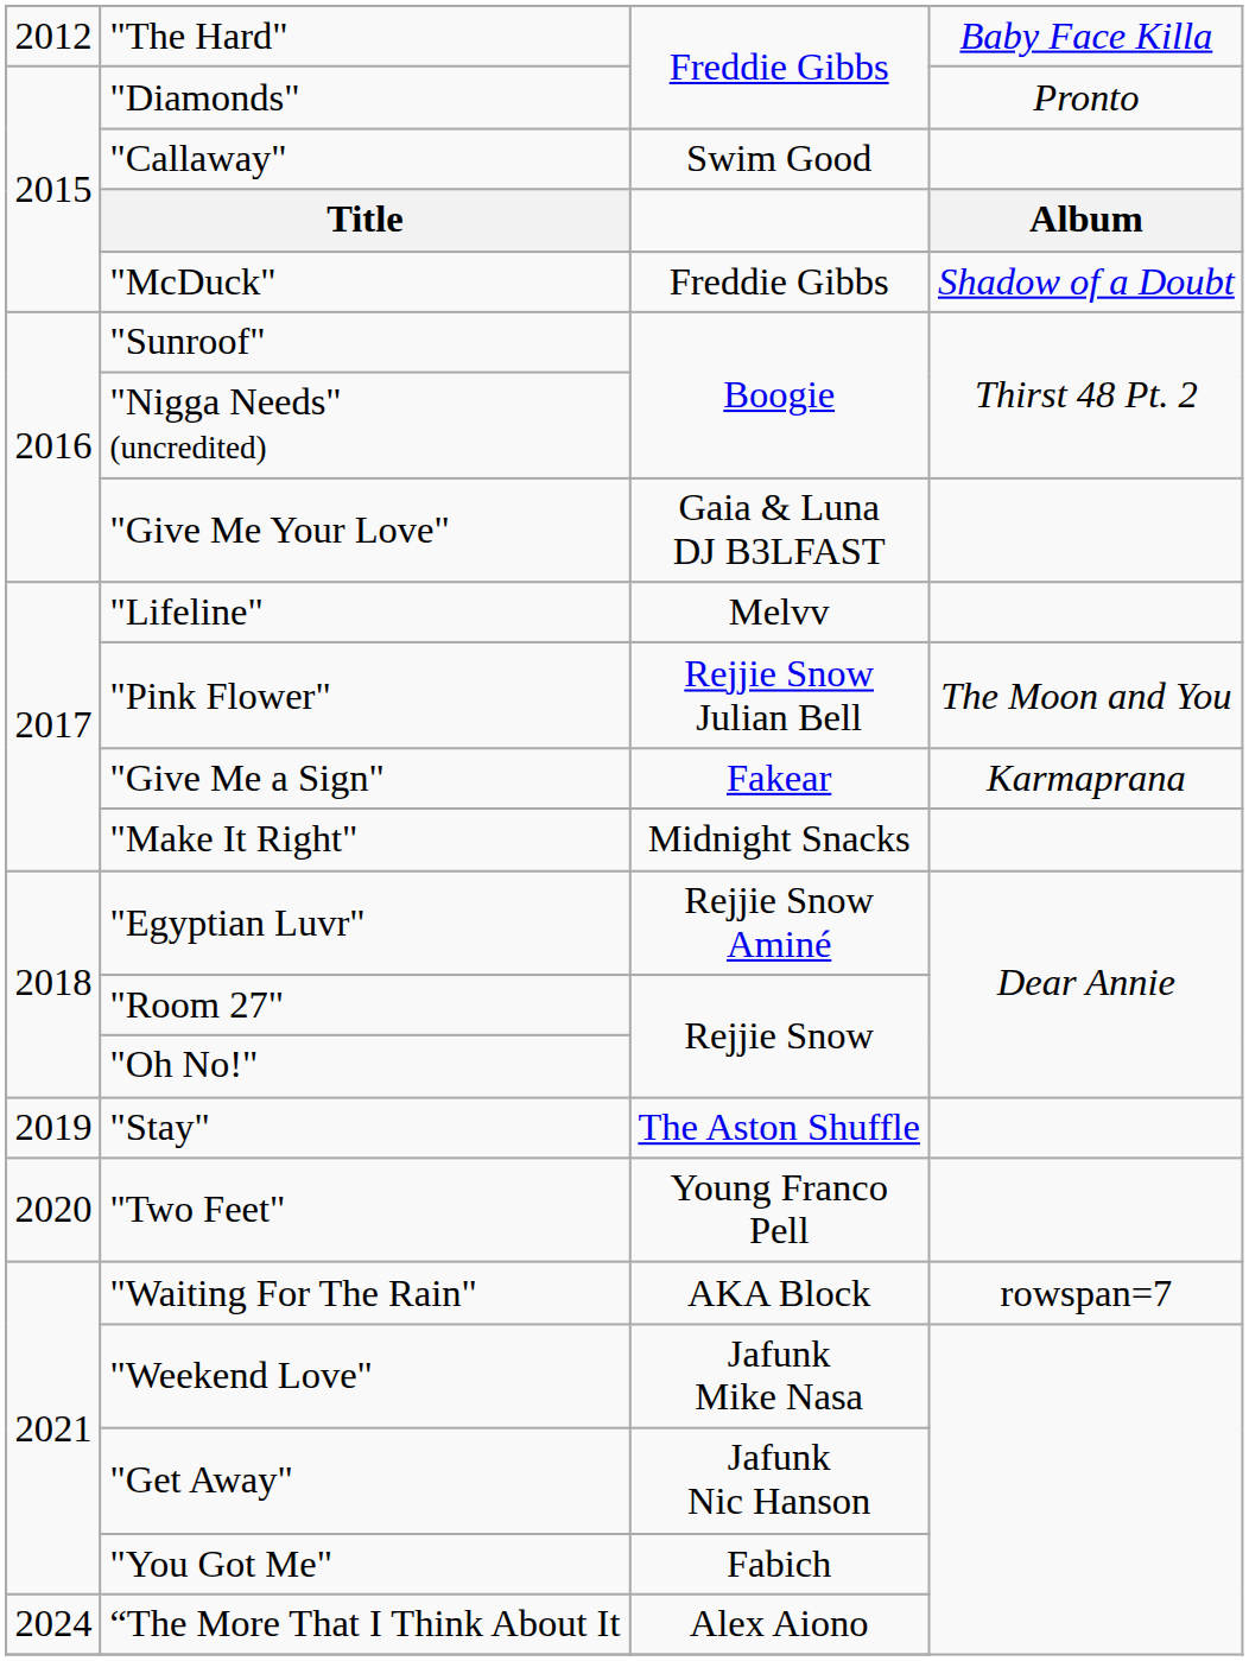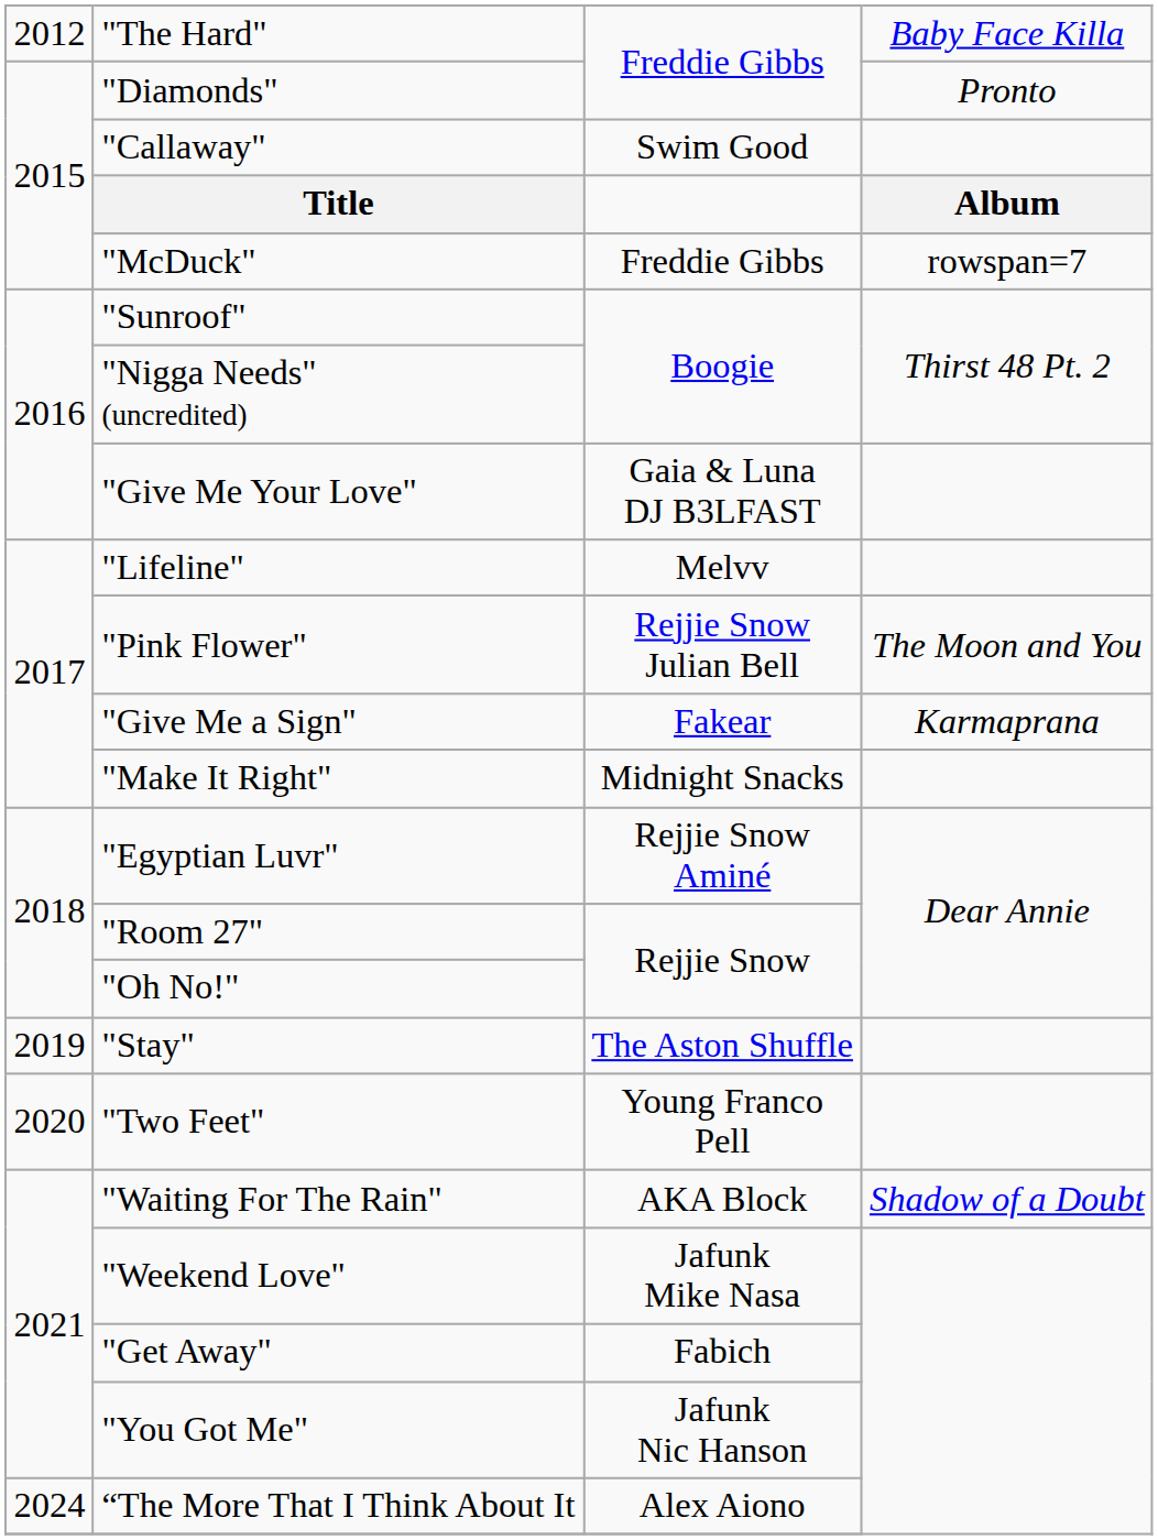 <table class="wikitable plainrowheaders" style="text-align:center;">
 <tr>
 <td>2012</td>
 <td align=left>"The Hard"</td>
 <td rowspan=2><a href='#'>Freddie Gibbs</a></td>
 <td><em><a href='#'>Baby Face Killa</a></em></td>
 </tr>
 <tr>
 <td rowspan="4">2015</td>
 <td align=left>"Diamonds"</td>
 <td><em>Pronto</em></td>
 </tr>
 <tr>
 <td align=left>"Callaway"</td>
 <td>Swim Good</td>
 <td></td>
 </tr>
 <tr>
 <th rowspan="1">Title</th>
 <td></td>
 <th rowspan="1">Album</th>
 </tr>
 <tr>
 <td align=left>"McDuck"</td>
 <td>Freddie Gibbs</td>
-<td><em><a href='#'>Shadow of a Doubt</a></em></td>
+<td>rowspan=7 </td>
 </tr>
 <tr>
 <td rowspan=3>2016</td>
 <td align=left>"Sunroof"</td>
 <td rowspan=2><a href='#'>Boogie</a></td>
 <td rowspan=2><em>Thirst 48 Pt. 2</em></td>
 </tr>
 <tr>
 <td align=left>"Nigga Needs" <br><small>(uncredited)</small></td>
 </tr>
 <tr>
 <td align=left>"Give Me Your Love"</td>
 <td>Gaia & Luna <br> DJ B3LFAST</td>
 <td></td>
 </tr>
 <tr>
 <td rowspan=4>2017</td>
 <td align=left>"Lifeline"</td>
 <td>Melvv</td>
 <td></td>
 </tr>
 <tr>
 <td align=left>"Pink Flower"</td>
 <td><a href='#'>Rejjie Snow</a> <br> Julian Bell</td>
 <td><em>The Moon and You</em></td>
 </tr>
 <tr>
 <td align=left>"Give Me a Sign"</td>
 <td><a href='#'>Fakear</a></td>
 <td><em>Karmaprana</em></td>
 </tr>
 <tr>
 <td align=left>"Make It Right"</td>
 <td>Midnight Snacks</td>
 <td></td>
 </tr>
 <tr>
 <td rowspan=3>2018</td>
 <td align=left>"Egyptian Luvr"</td>
 <td>Rejjie Snow <br> <a href='#'>Aminé</a></td>
 <td rowspan=3><em>Dear Annie</em></td>
 </tr>
 <tr>
 <td align=left>"Room 27"</td>
 <td rowspan=2>Rejjie Snow</td>
 </tr>
 <tr>
 <td align=left>"Oh No!"</td>
 </tr>
 <tr>
 <td>2019</td>
 <td align="left">"Stay"</td>
 <td><a href='#'>The Aston Shuffle</a></td>
 <td></td>
 </tr>
 <tr>
 <td>2020</td>
 <td align="left">"Two Feet"</td>
 <td>Young Franco <br> Pell</td>
 <td></td>
 </tr>
 <tr>
 <td rowspan=4>2021</td>
 <td align="left">"Waiting For The Rain"</td>
 <td>AKA Block</td>
-<td>rowspan=7 </td>
+<td><em><a href='#'>Shadow of a Doubt</a></em></td>
 </tr>
 <tr ! scope="row"|>
 <td align=left>"Weekend Love"</td>
 <td>Jafunk <br> Mike Nasa</td>
 </tr>
 <tr ! scope="row"|>
 <td align=left>"Get Away"</td>
-<td>Jafunk <br> Nic Hanson</td>
+<td>Fabich</td>
 </tr>
 <tr>
 <td align=left>"You Got Me"</td>
-<td>Fabich</td>
+<td>Jafunk <br> Nic Hanson</td>
 </tr>
 <tr>
 <td>2024</td>
 <td>“The More That I Think About It</td>
 <td>Alex Aiono</td>
 </tr>
 <tr>
 </tr>
 <tr>
 </tr>
 </table>
